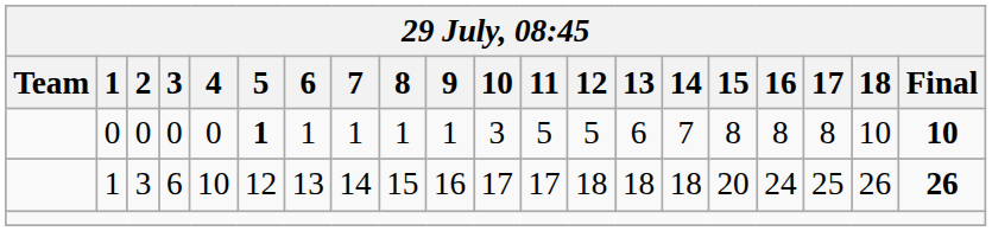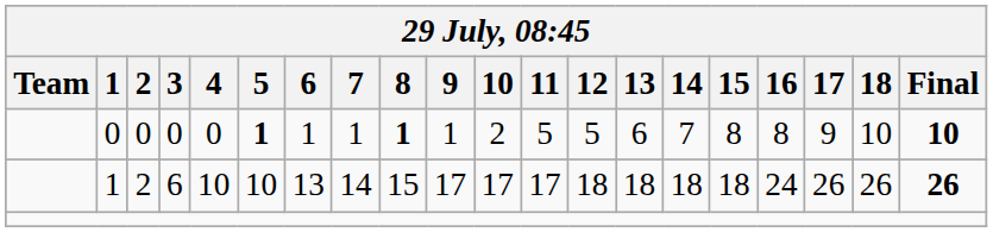 <table class=wikitable style="text-align:center; width: 55%">
 <tr>
 <th colspan=20><em>29 July, 08:45</em></th>
 </tr>
 <tr>
 <th>Team</th>
 <th>1</th>
 <th>2</th>
 <th>3</th>
 <th>4</th>
 <th>5</th>
 <th>6</th>
 <th>7</th>
 <th>8</th>
 <th>9</th>
 <th>10</th>
 <th>11</th>
 <th>12</th>
 <th>13</th>
 <th>14</th>
 <th>15</th>
 <th>16</th>
 <th>17</th>
 <th>18</th>
 <th>Final</th>
 </tr>
 <tr>
 <td align=left></td>
 <td>0</td>
 <td>0</td>
 <td>0</td>
 <td>0</td>
 <td><strong>1</strong></td>
 <td>1</td>
 <td>1</td>
+<td><strong>1</strong></td>
 <td>1</td>
-<td>1</td>
-<td>3</td>
+<td>2</td>
 <td>5</td>
 <td>5</td>
 <td>6</td>
 <td>7</td>
 <td>8</td>
 <td>8</td>
-<td>8</td>
+<td>9</td>
 <td>10</td>
 <td><strong>10</strong></td>
 </tr>
 <tr>
 <td align=left><strong></strong></td>
 <td>1</td>
-<td>3</td>
+<td>2</td>
 <td>6</td>
 <td>10</td>
-<td>12</td>
+<td>10</td>
 <td>13</td>
 <td>14</td>
 <td>15</td>
-<td>16</td>
+<td>17</td>
 <td>17</td>
 <td>17</td>
 <td>18</td>
 <td>18</td>
 <td>18</td>
-<td>20</td>
+<td>18</td>
 <td>24</td>
-<td>25</td>
+<td>26</td>
 <td>26</td>
 <td><strong>26</strong></td>
 </tr>
 <tr>
 <td colspan=20></td>
 </tr>
 </table>
